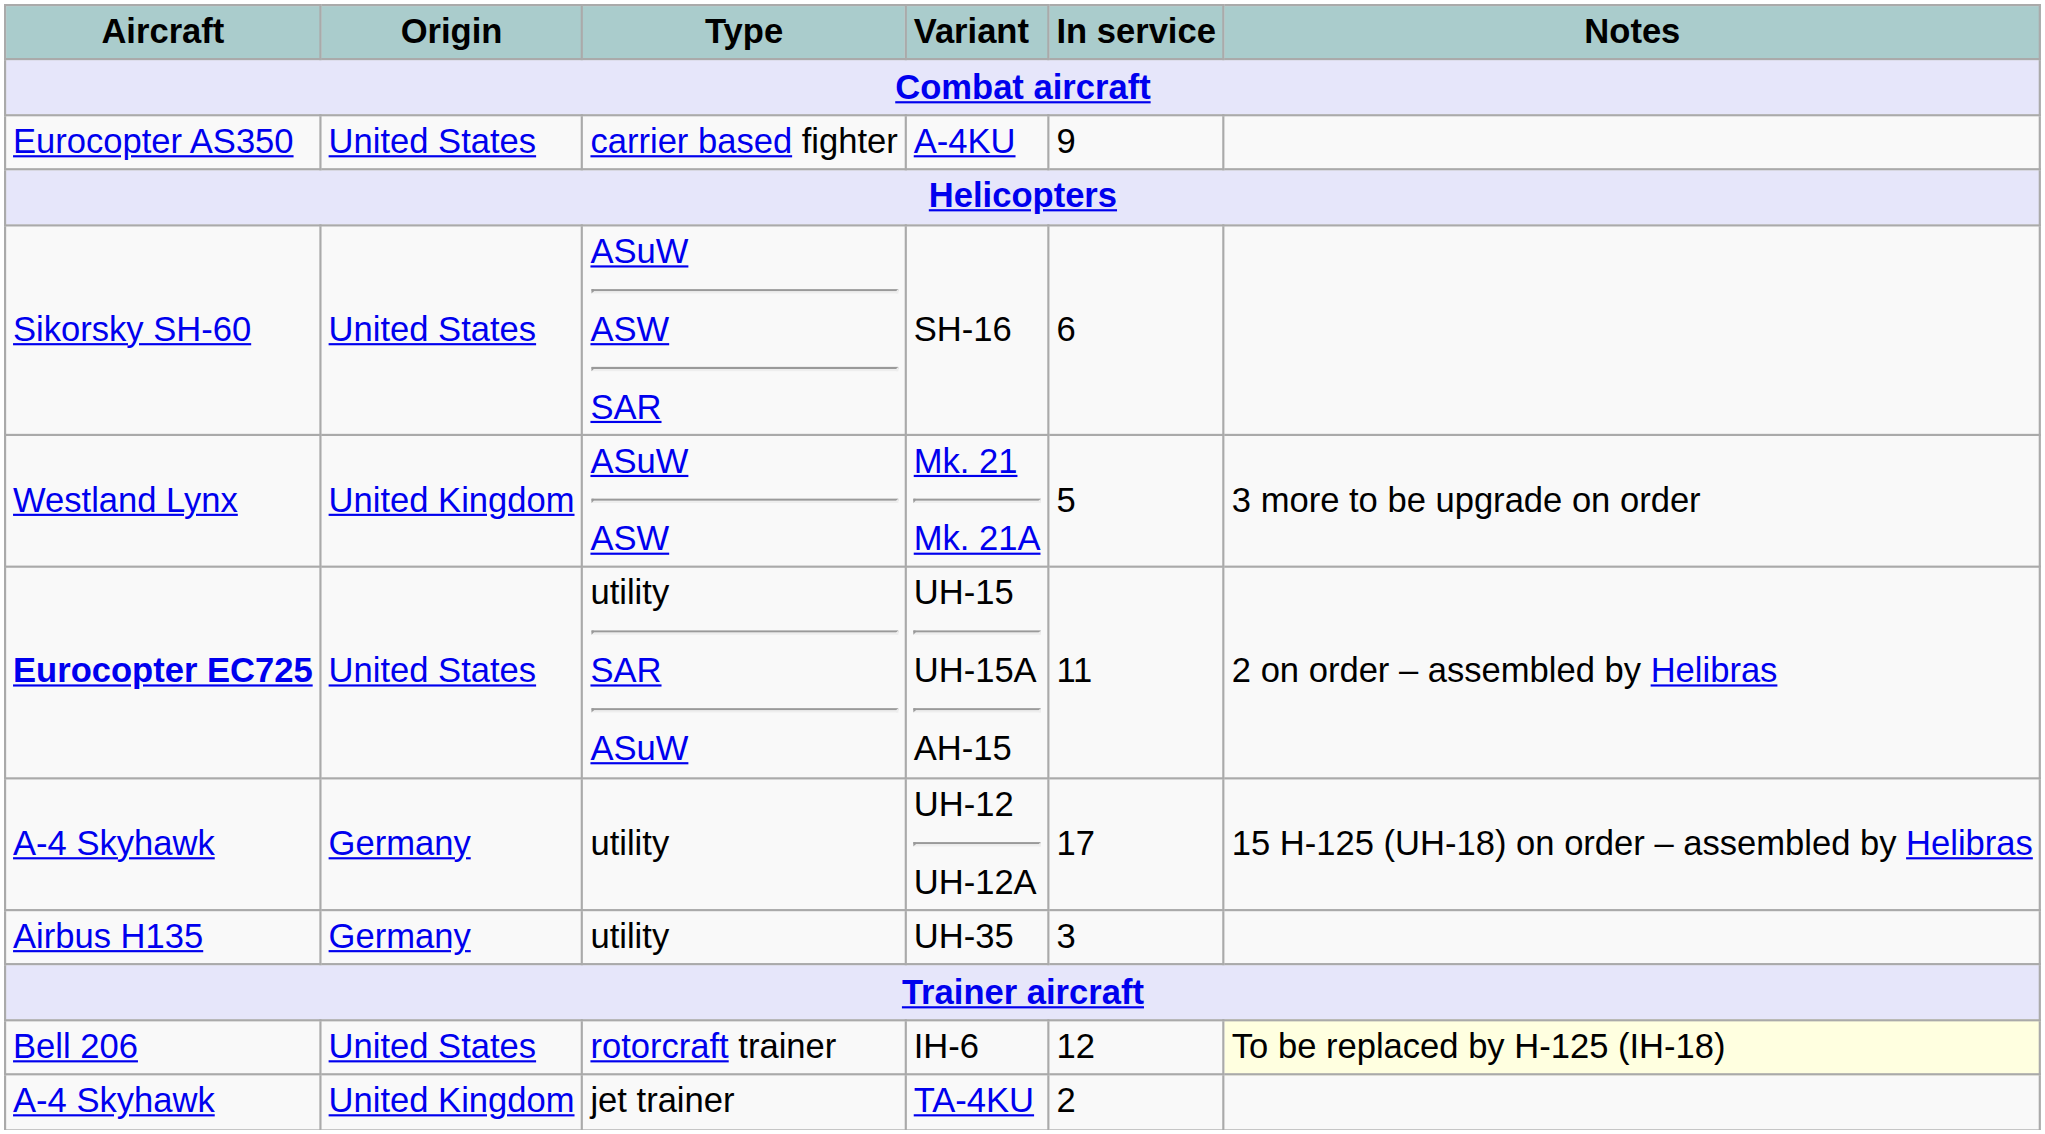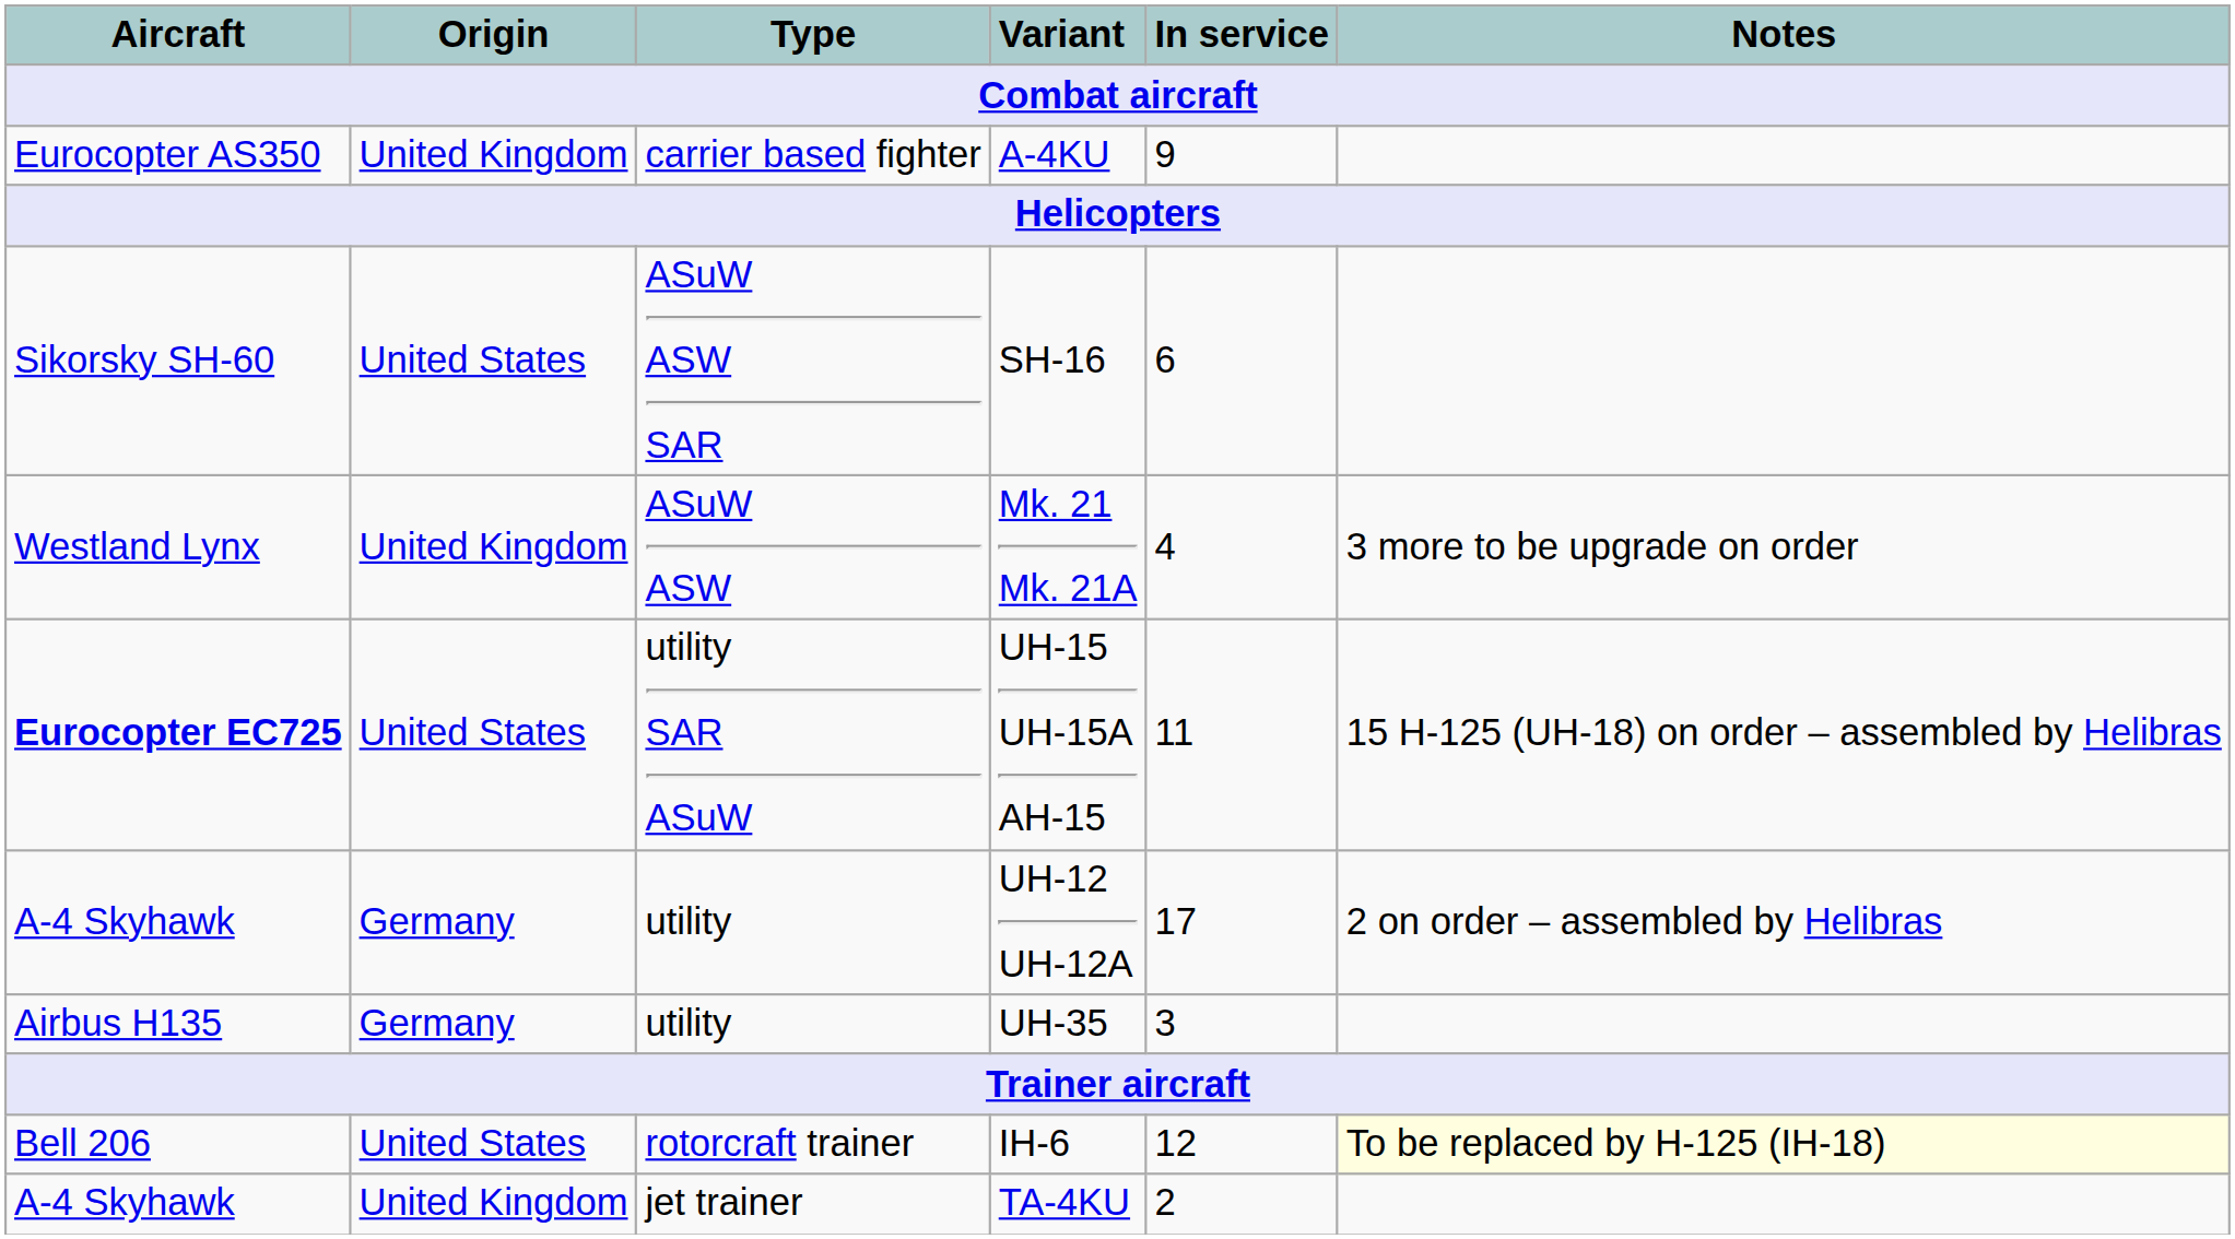 <table class="wikitable">
 <tr>
 <th style="text-align:center; background:#acc;">Aircraft</th>
 <th style="text-align: center; background:#acc;">Origin</th>
 <th style="text-align:l center; background:#acc;">Type</th>
 <th style="text-align:left; background:#acc;">Variant</th>
 <th style="text-align:center; background:#acc;">In service</th>
 <th style="text-align: center; background:#acc;">Notes</th>
 </tr>
 <tr>
 <th style="align: center; background: lavender;" colspan="7"><a href='#'>Combat aircraft</a></th>
 </tr>
 <tr>
 <td><a href='#'>Eurocopter AS350</a></td>
-<td><a href='#'>United States</a></td>
+<td><a href='#'>United Kingdom</a></td>
 <td><a href='#'>carrier based</a> fighter</td>
 <td><a href='#'>A-4KU</a></td>
 <td>9</td>
 <td></td>
 </tr>
 <tr>
 <th style="align: center; background: lavender;" colspan="7"><a href='#'>Helicopters</a></th>
 </tr>
 <tr>
 <td><a href='#'>Sikorsky SH-60</a></td>
 <td><a href='#'>United States</a></td>
 <td><a href='#'>ASuW</a><hr><a href='#'>ASW</a><hr><a href='#'>SAR</a></td>
 <td>SH-16</td>
 <td>6</td>
 <td></td>
 </tr>
 <tr>
 <td><a href='#'>Westland Lynx</a></td>
 <td><a href='#'>United Kingdom</a></td>
 <td><a href='#'>ASuW</a><hr><a href='#'>ASW</a></td>
 <td><a href='#'>Mk. 21</a><hr><a href='#'>Mk. 21A</a></td>
-<td>5</td>
+<td>4</td>
 <td>3 more to be upgrade on order</td>
 </tr>
 <tr>
 <td><strong><a href='#'>Eurocopter EC725</a></strong></td>
 <td><a href='#'>United States</a></td>
 <td>utility<hr><a href='#'>SAR</a><hr><a href='#'>ASuW</a></td>
 <td>UH-15<hr>UH-15A<hr>AH-15</td>
 <td>11</td>
-<td>2 on order – assembled by <a href='#'>Helibras</a></td>
+<td>15 H-125 (UH-18) on order – assembled by <a href='#'>Helibras</a></td>
 </tr>
 <tr>
 <td><a href='#'>A-4 Skyhawk</a></td>
 <td><a href='#'>Germany</a></td>
 <td>utility</td>
 <td>UH-12<hr>UH-12A</td>
 <td>17</td>
-<td>15 H-125 (UH-18) on order – assembled by <a href='#'>Helibras</a></td>
+<td>2 on order – assembled by <a href='#'>Helibras</a></td>
 </tr>
 <tr>
 <td><a href='#'>Airbus H135</a></td>
 <td><a href='#'>Germany</a></td>
 <td>utility</td>
 <td>UH-35</td>
 <td>3</td>
 <td></td>
 </tr>
 <tr>
 <th style="align: center; background: lavender;" colspan="7"><a href='#'>Trainer aircraft</a></th>
 </tr>
 <tr>
 <td><a href='#'>Bell 206</a></td>
 <td><a href='#'>United States</a></td>
 <td><a href='#'>rotorcraft</a> trainer</td>
 <td>IH-6</td>
 <td>12</td>
 <td style="background: lightyellow;">To be replaced by H-125 (IH-18)</td>
 </tr>
 <tr>
 <td><a href='#'>A-4 Skyhawk</a></td>
 <td><a href='#'>United Kingdom</a></td>
 <td>jet trainer</td>
 <td><a href='#'>TA-4KU</a></td>
 <td>2</td>
 <td></td>
 </tr>
 </table>
